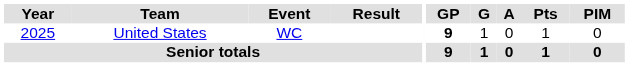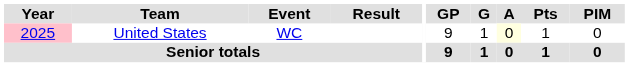 <table border="0" cellpadding="1" cellspacing="0" ID="Table3" style="text-align:center; width:40em">
 <tr ALIGN="center" bgcolor="#e0e0e0">
 <th>Year</th>
 <th>Team</th>
 <th>Event</th>
 <th>Result</th>
 <th rowspan="99" bgcolor="#ffffff"></th>
 <th>GP</th>
 <th>G</th>
 <th>A</th>
 <th>Pts</th>
 <th>PIM</th>
 </tr>
 <tr>
-<td><a href='#'>2025</a></td>
+<td style="background: pink;"><a href='#'>2025</a></td>
 <td><a href='#'>United States</a></td>
 <td><a href='#'>WC</a></td>
 <td></td>
-<td><strong>9</strong></td>
+<td>9</td>
 <td>1</td>
-<td>0</td>
+<td style="background: lightyellow;">0</td>
 <td>1</td>
 <td>0</td>
 </tr>
 <tr bgcolor="#e0e0e0">
 <th colspan="4">Senior totals</th>
 <th>9</th>
 <th>1</th>
 <th>0</th>
 <th>1</th>
 <th>0</th>
 </tr>
 </table>
